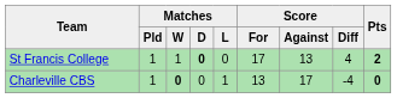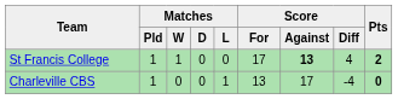 <table style=border-collapse:collapse border=1 cellspacing=0 cellpadding=5>
 <tr align=center bgcolor=#efefef>
 <th rowspan=2 width=165>Team</th>
 <th colspan=4>Matches</th>
 <th colspan=3>Score</th>
 <th rowspan=2width=20>Pts</th>
 </tr>
 <tr align=center bgcolor=#efefef>
 <th width=20>Pld</th>
 <th width=20>W</th>
 <th width=20>D</th>
 <th width=20>L</th>
 <th width=45>For</th>
 <th width=45>Against</th>
 <th width=30>Diff</th>
 </tr>
 <tr align=center style="background:#ACE1AF;">
 <td style="text-align:left;"><a href='#'>St Francis College</a></td>
 <td>1</td>
 <td>1</td>
-<td><strong>0</strong></td>
+<td>0</td>
 <td>0</td>
 <td>17</td>
-<td>13</td>
+<td><strong>13</strong></td>
 <td>4</td>
 <td><strong>2</strong></td>
 </tr>
 <tr align=center style="background:#ACE1AF;">
 <td style="text-align:left;"><a href='#'>Charleville CBS</a></td>
 <td>1</td>
-<td><strong>0</strong></td>
+<td>0</td>
 <td>0</td>
 <td>1</td>
 <td>13</td>
 <td>17</td>
 <td>-4</td>
 <td><strong>0</strong></td>
 </tr>
 </table>
